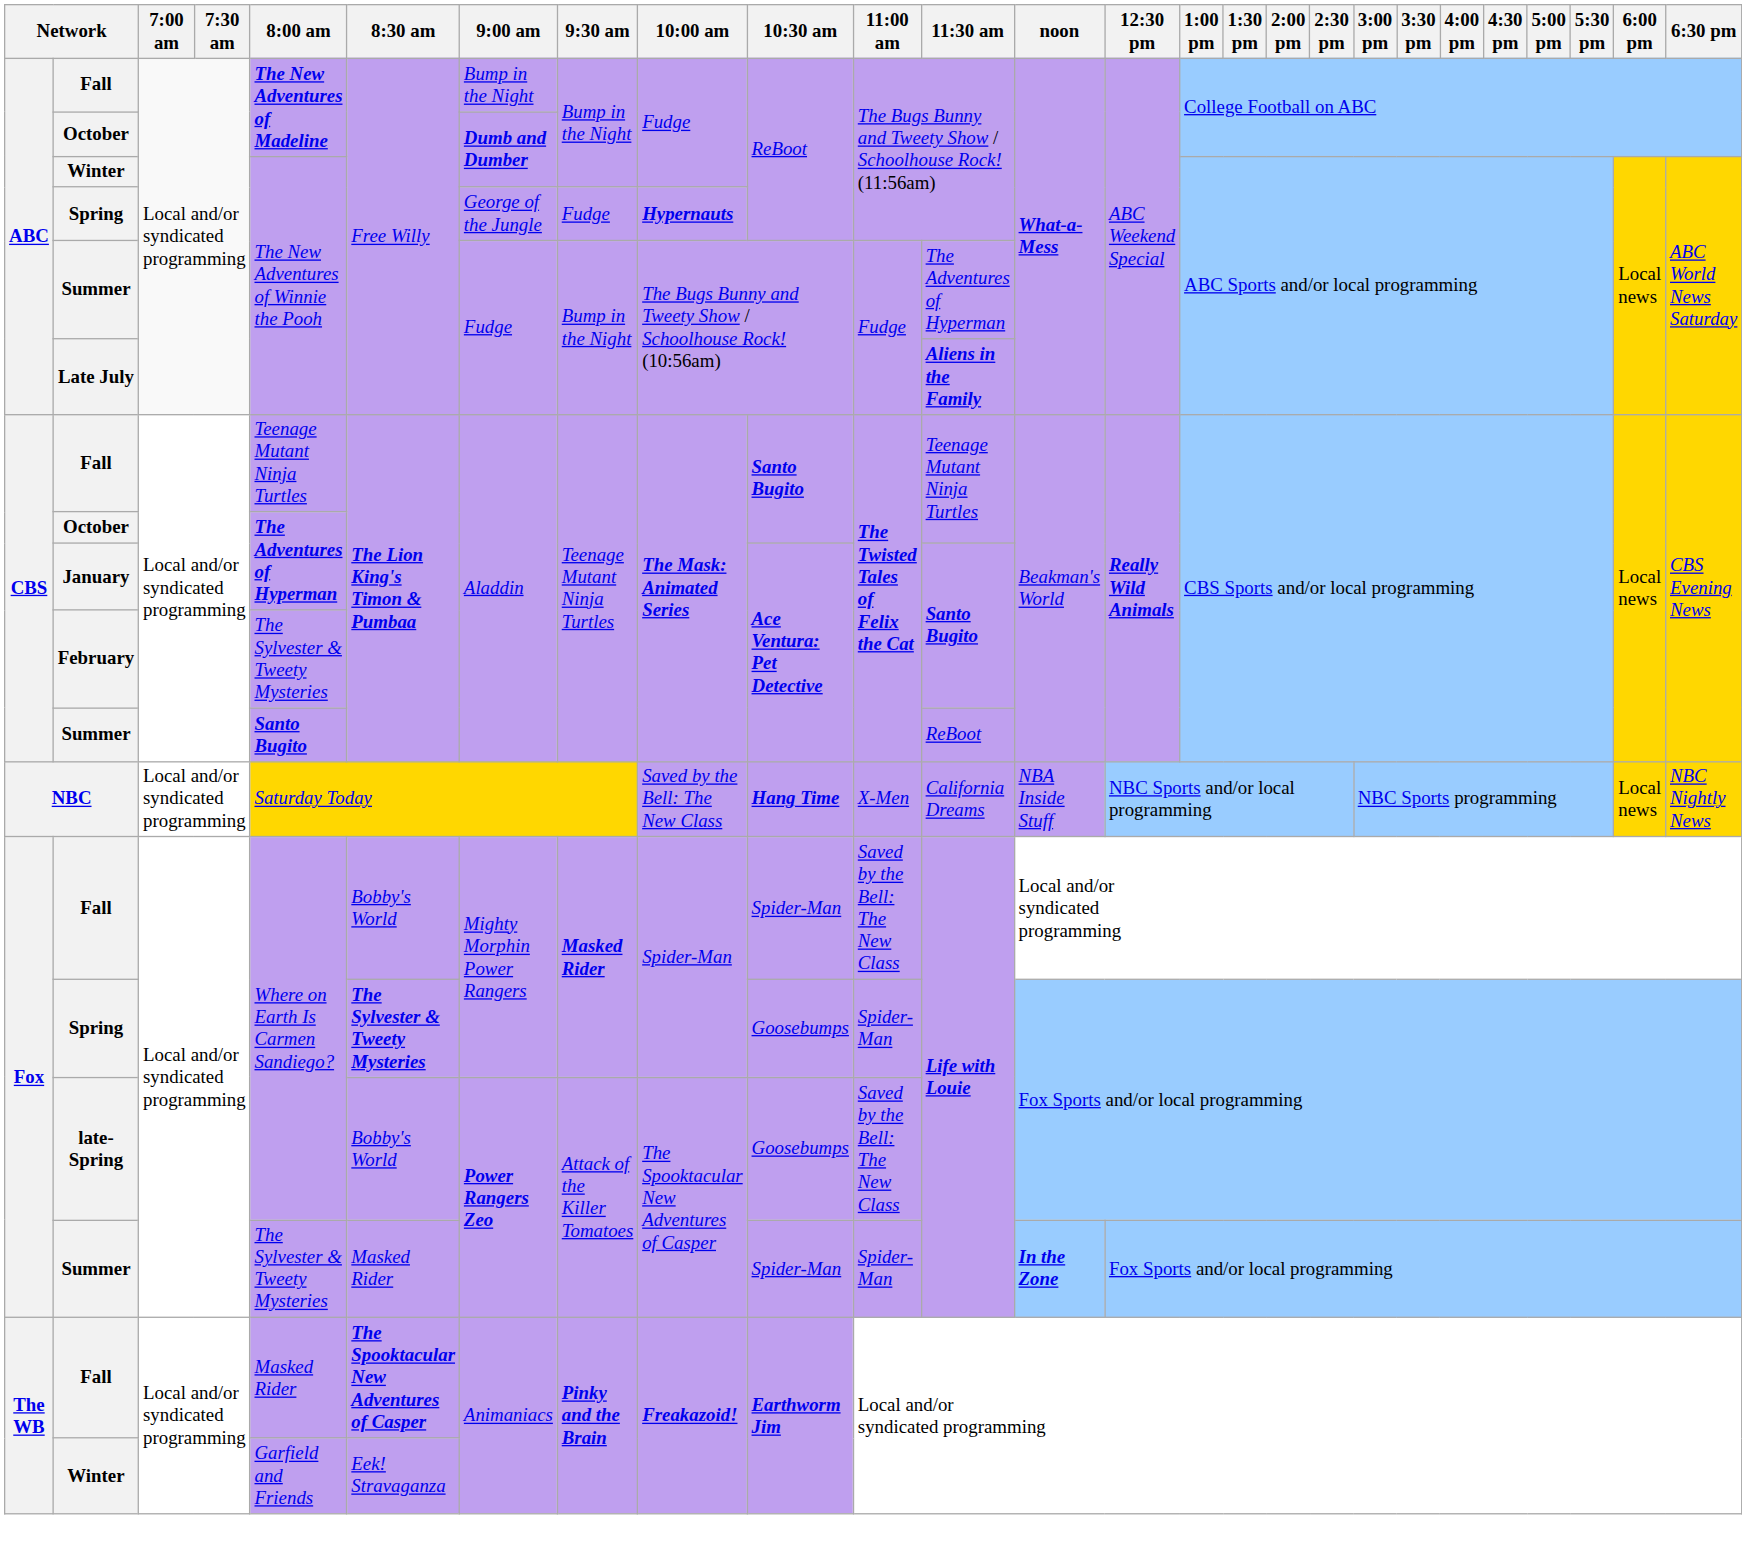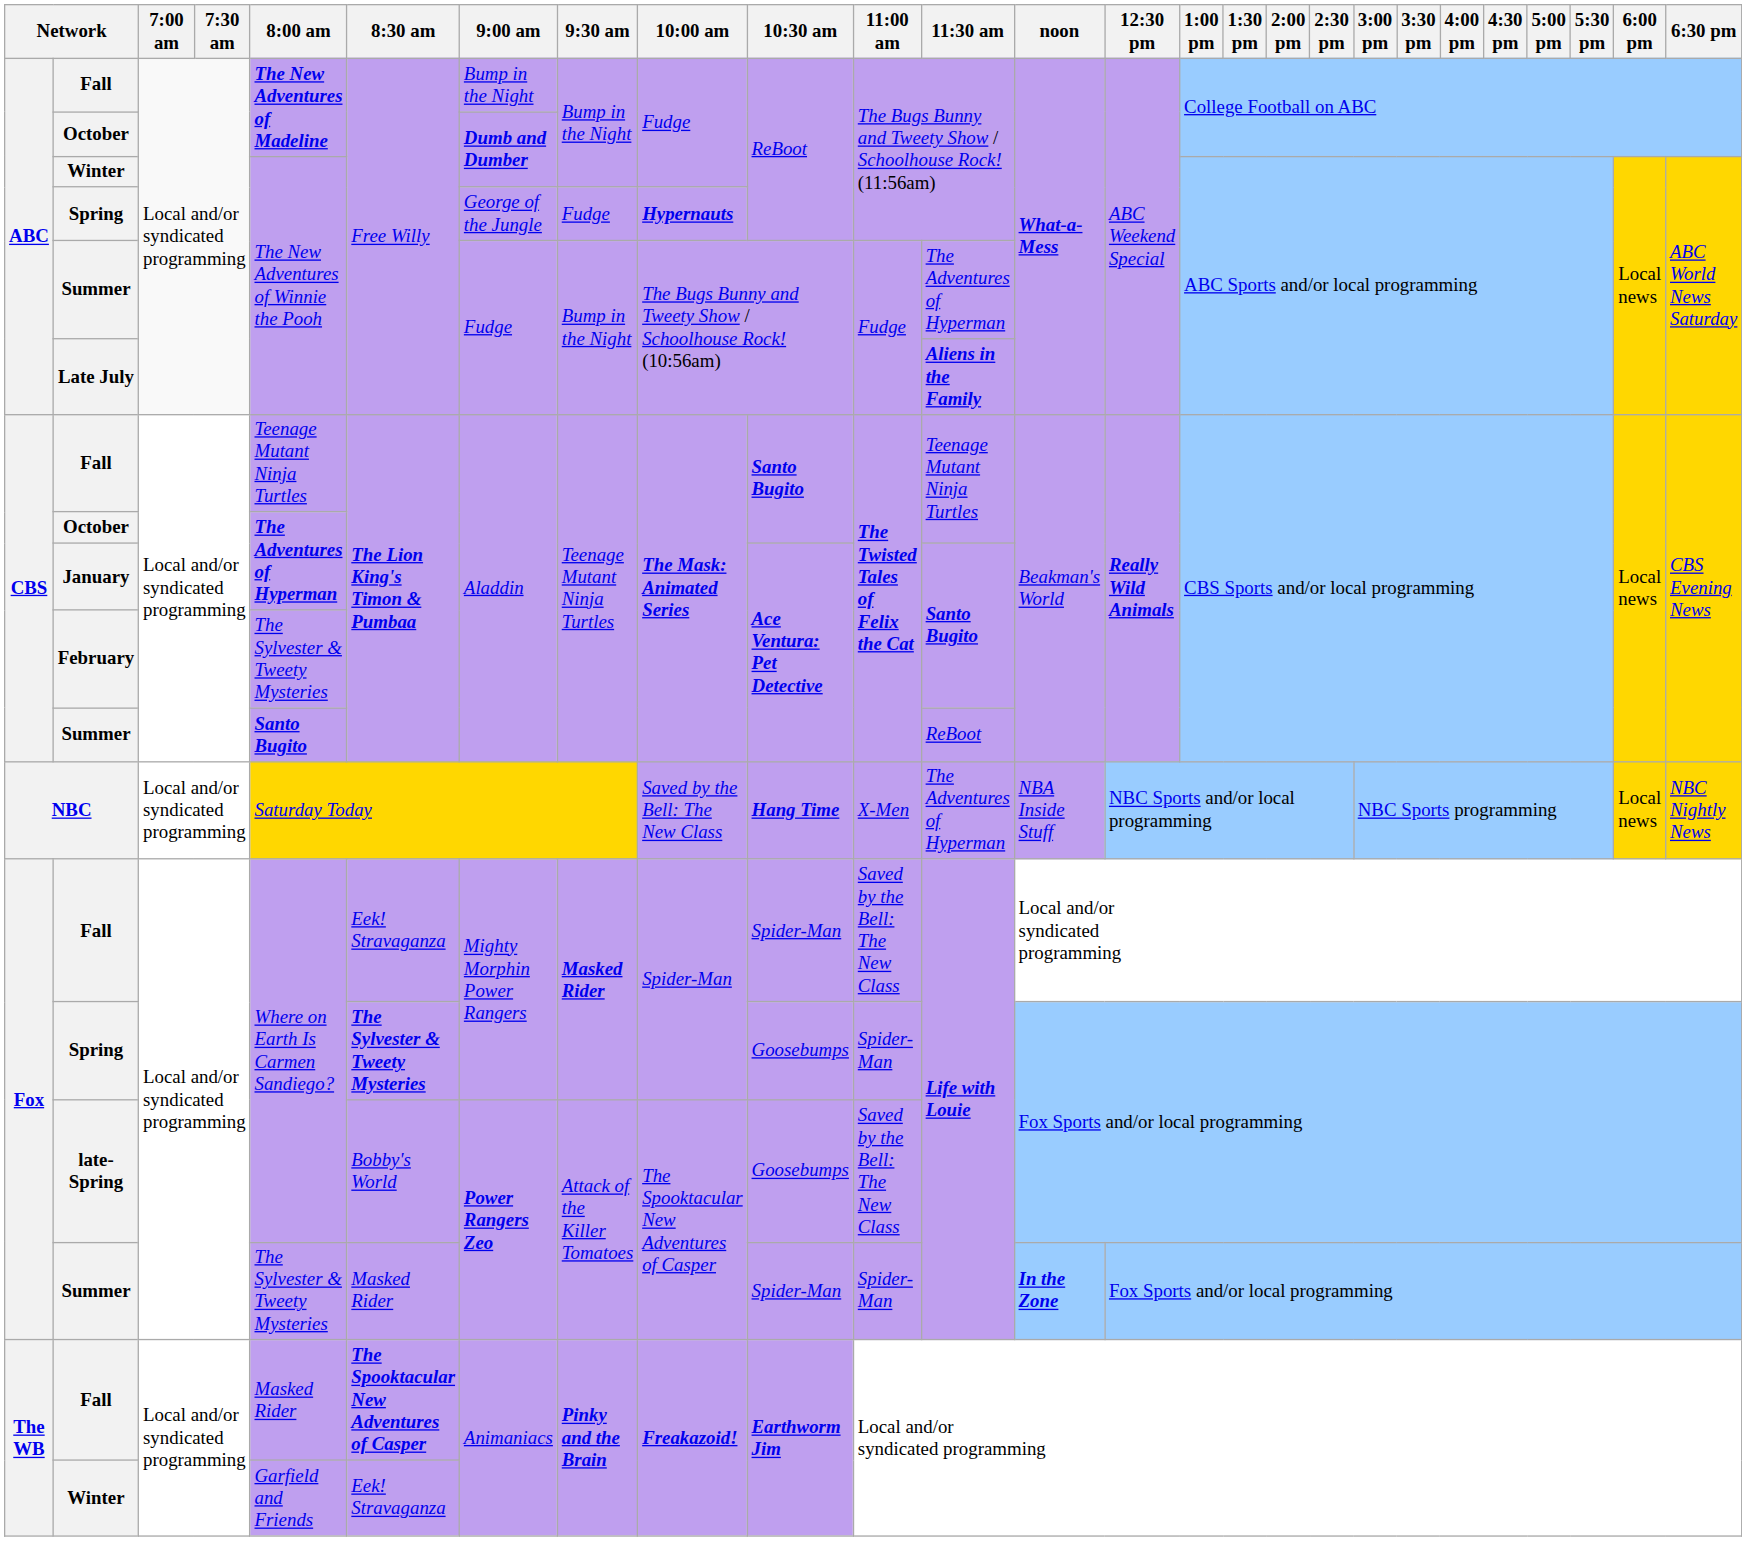 <table class=wikitable style="font-size:90%">
 <tr>
 <th width="1.5%" bgcolor="#C0C0C0" colspan="2">Network</th>
 <th width="4%" bgcolor="#C0C0C0">7:00 am</th>
 <th width="4%" bgcolor="#C0C0C0">7:30 am</th>
 <th width="4%" bgcolor="#C0C0C0">8:00 am</th>
 <th width="4%" bgcolor="#C0C0C0">8:30 am</th>
 <th width="4%" bgcolor="#C0C0C0">9:00 am</th>
 <th width="4%" bgcolor="#C0C0C0">9:30 am</th>
 <th width="4%" bgcolor="#C0C0C0">10:00 am</th>
 <th width="4%" bgcolor="#C0C0C0">10:30 am</th>
 <th width="4%" bgcolor="#C0C0C0">11:00 am</th>
 <th width="4%" bgcolor="#C0C0C0">11:30 am</th>
 <th width="4%" bgcolor="#C0C0C0">noon</th>
 <th width="4%" bgcolor="#C0C0C0">12:30 pm</th>
 <th width="4%" bgcolor="#C0C0C0">1:00 pm</th>
 <th width="4%" bgcolor="#C0C0C0">1:30 pm</th>
 <th width="4%" bgcolor="#C0C0C0">2:00 pm</th>
 <th width="4%" bgcolor="#C0C0C0">2:30 pm</th>
 <th width="4%" bgcolor="#C0C0C0">3:00 pm</th>
 <th width="4%" bgcolor="#C0C0C0">3:30 pm</th>
 <th width="4%" bgcolor="#C0C0C0">4:00 pm</th>
 <th width="4%" bgcolor="#C0C0C0">4:30 pm</th>
 <th width="4%" bgcolor="#C0C0C0">5:00 pm</th>
 <th width="4%" bgcolor="#C0C0C0">5:30 pm</th>
 <th width="4%" bgcolor="#C0C0C0">6:00 pm</th>
 <th width="4%" bgcolor="#C0C0C0">6:30 pm</th>
 </tr>
 <tr>
 <th rowspan="6"><a href='#'>ABC</a></th>
 <th>Fall</th>
 <td colspan="2" rowspan="6">Local and/or<br>syndicated<br>programming</td>
 <td rowspan="2" bgcolor="bf9fef"><strong><em><a href='#'>The New Adventures of Madeline</a></em></strong></td>
 <td rowspan="6" bgcolor="bf9fef"><em><a href='#'>Free Willy</a></em></td>
 <td rowspan="1" bgcolor="bf9fef"><em><a href='#'>Bump in the Night</a></em></td>
 <td rowspan="3" bgcolor="bf9fef"><em><a href='#'>Bump in the Night</a></em></td>
 <td rowspan="3" bgcolor="bf9fef"><em><a href='#'>Fudge</a></em></td>
 <td rowspan="4" bgcolor="bf9fef"><em><a href='#'>ReBoot</a></em></td>
 <td colspan="2" rowspan="4" bgcolor="bf9fef"><em><a href='#'>The Bugs Bunny and Tweety Show</a></em> / <em><a href='#'>Schoolhouse Rock!</a></em> (11:56am)</td>
 <td rowspan="6" bgcolor="bf9fef"><strong><em><a href='#'>What-a-Mess</a></em></strong></td>
 <td rowspan="6" bgcolor="bf9fef"><em><a href='#'>ABC Weekend Special</a></em></td>
 <td bgcolor="99ccff" colspan="12" rowspan="2"><a href='#'>College Football on ABC</a></td>
 </tr>
 <tr>
 <th>October</th>
 <td rowspan="2" bgcolor="bf9fef"><strong><em><a href='#'>Dumb and Dumber</a></em></strong></td>
 </tr>
 <tr>
 <th>Winter</th>
 <td bgcolor="bf9fef" rowspan="4"><em><a href='#'>The New Adventures of Winnie the Pooh</a></em> </td>
 <td bgcolor="99ccff" rowspan="4"colspan="10"><a href='#'>ABC Sports</a> and/or local programming</td>
 <td bgcolor="gold" rowspan="4">Local news</td>
 <td bgcolor="gold" rowspan="4"><em><a href='#'>ABC World News Saturday</a></em></td>
 </tr>
 <tr>
 <th>Spring</th>
 <td rowspan="1" bgcolor="bf9fef"><em><a href='#'>George of the Jungle</a></em> </td>
 <td bgcolor="bf9fef" rowspan="1"><em><a href='#'>Fudge</a></em></td>
 <td bgcolor="bf9fef" rowspan="1"><strong><em><a href='#'>Hypernauts</a></em></strong></td>
 </tr>
 <tr>
 <th>Summer</th>
 <td bgcolor="bf9fef" rowspan="2"><em><a href='#'>Fudge</a></em></td>
 <td bgcolor="bf9fef" rowspan="2"><em><a href='#'>Bump in the Night</a></em></td>
 <td bgcolor="bf9fef" colspan="2" rowspan="2"><em><a href='#'>The Bugs Bunny and Tweety Show</a></em> / <em><a href='#'>Schoolhouse Rock!</a></em> (10:56am)</td>
 <td bgcolor="bf9fef" rowspan="2"><em><a href='#'>Fudge</a></em></td>
 <td bgcolor="bf9fef" rowspan="1"><em><a href='#'>The Adventures of Hyperman</a></em></td>
 </tr>
 <tr>
 <th>Late July</th>
 <td bgcolor="bf9fef" rowspan="1"><strong><em><a href='#'>Aliens in the Family</a></em></strong></td>
 </tr>
 <tr>
 <th rowspan="5" bgcolor="#C0C0C0"><a href='#'>CBS</a></th>
 <th>Fall</th>
 <td colspan="2" rowspan="5" bgcolor="white">Local and/or<br>syndicated<br>programming</td>
 <td rowspan="1" bgcolor="bf9fef"><em><a href='#'>Teenage Mutant Ninja Turtles</a></em></td>
 <td rowspan="5" bgcolor="bf9fef"><strong><em><a href='#'>The Lion King's Timon & Pumbaa</a></em></strong></td>
 <td rowspan="5" bgcolor="bf9fef"><em><a href='#'>Aladdin</a></em></td>
 <td rowspan="5" bgcolor="bf9fef"><em><a href='#'>Teenage Mutant Ninja Turtles</a></em></td>
 <td rowspan="5" bgcolor="bf9fef"><strong><em><a href='#'>The Mask: Animated Series</a></em></strong></td>
 <td bgcolor="bf9fef" rowspan="2"><strong><em><a href='#'>Santo Bugito</a></em></strong></td>
 <td rowspan="5" bgcolor="bf9fef"><strong><em><a href='#'>The Twisted Tales of Felix the Cat</a></em></strong></td>
 <td bgcolor="bf9fef" rowspan="2"><em><a href='#'>Teenage Mutant Ninja Turtles</a></em></td>
 <td rowspan="5" bgcolor="bf9fef"><em><a href='#'>Beakman's World</a></em></td>
 <td rowspan="5" bgcolor="bf9fef"><strong><em><a href='#'>Really Wild Animals</a></em></strong></td>
 <td colspan="10" rowspan="5" bgcolor="99ccff"><a href='#'>CBS Sports</a> and/or local programming</td>
 <td rowspan="5" bgcolor="gold">Local news</td>
 <td rowspan="5" bgcolor="gold"><em><a href='#'>CBS Evening News</a></em></td>
 </tr>
 <tr>
 <th>October</th>
 <td rowspan="2" bgcolor="bf9fef"><strong><em><a href='#'>The Adventures of Hyperman</a></em></strong></td>
 </tr>
 <tr>
 <th>January</th>
 <td rowspan="3" bgcolor="bf9fef"><strong><em><a href='#'>Ace Ventura: Pet Detective</a></em></strong></td>
 <td rowspan="2" bgcolor="bf9fef"><strong><em><a href='#'>Santo Bugito</a></em></strong></td>
 </tr>
 <tr>
 <th>February</th>
 <td bgcolor="bf9fef" rowspan="1"><em><a href='#'>The Sylvester & Tweety Mysteries</a></em></td>
 </tr>
 <tr>
 <th>Summer</th>
 <td bgcolor="bf9fef" rowspan="1"><strong><em><a href='#'>Santo Bugito</a></em></strong></td>
 <td bgcolor="bf9fef" rowspan="1"><em><a href='#'>ReBoot</a></em></td>
 </tr>
 <tr>
 <th bgcolor="#C0C0C0" colspan="2"><a href='#'>NBC</a></th>
 <td bgcolor="white" colspan="2">Local and/or<br>syndicated<br>programming</td>
 <td bgcolor="gold" colspan="4"><em><a href='#'>Saturday Today</a></em></td>
 <td bgcolor="bf9fef"><em><a href='#'>Saved by the Bell: The New Class</a></em></td>
 <td bgcolor="bf9fef"><strong><em><a href='#'>Hang Time</a></em></strong></td>
 <td bgcolor="bf9fef" rowspan="1"><em><a href='#'>X-Men</a></em></td>
-<td bgcolor="bf9fef"><em><a href='#'>California Dreams</a></em></td>
+<td bgcolor="bf9fef" rowspan="1"><em><a href='#'>The Adventures of Hyperman</a></em></td>
 <td bgcolor="bf9fef"><em><a href='#'>NBA Inside Stuff</a></em></td>
 <td bgcolor="99ccff" colspan="5"><a href='#'>NBC Sports</a> and/or local programming</td>
 <td bgcolor="99ccff" colspan="6"><a href='#'>NBC Sports</a> programming</td>
 <td bgcolor="gold">Local news</td>
 <td bgcolor="gold"><em><a href='#'>NBC Nightly News</a></em></td>
 </tr>
 <tr>
 <th bgcolor="#C0C0C0" rowspan="4"><a href='#'>Fox</a></th>
 <th>Fall</th>
 <td bgcolor="white" colspan="2" rowspan="4">Local and/or<br>syndicated<br>programming</td>
 <td bgcolor="bf9fef" rowspan="3"><em><a href='#'>Where on Earth Is Carmen Sandiego?</a></em></td>
-<td bgcolor="bf9fef" rowspan="1"><em><a href='#'>Bobby's World</a></em></td>
+<td bgcolor="bf9fef" rowspan="1"><em><a href='#'>Eek! Stravaganza</a></em></td>
 <td bgcolor="bf9fef" rowspan="2"><em><a href='#'>Mighty Morphin Power Rangers</a></em></td>
 <td bgcolor="bf9fef" rowspan="2"><strong><em><a href='#'>Masked Rider</a></em></strong></td>
 <td bgcolor="bf9fef" rowspan="2"><em><a href='#'>Spider-Man</a></em></td>
 <td bgcolor="bf9fef" rowspan="1"><em><a href='#'>Spider-Man</a></em></td>
 <td bgcolor="bf9fef"><em><a href='#'>Saved by the Bell: The New Class</a></em></td>
 <td bgcolor="bf9fef" rowspan="4"><strong><em><a href='#'>Life with Louie</a></em></strong></td>
 <td bgcolor="white" colspan="14" rowspan="1">Local and/or<br>syndicated<br>programming</td>
 </tr>
 <tr>
 <th>Spring</th>
 <td bgcolor="bf9fef" rowspan="1"><strong><em><a href='#'>The Sylvester & Tweety Mysteries</a></em></strong></td>
 <td bgcolor="bf9fef" rowspan="1"><em><a href='#'>Goosebumps</a></em></td>
 <td bgcolor="bf9fef" rowspan="1"><em><a href='#'>Spider-Man</a></em></td>
 <td bgcolor="99ccff" colspan="14" rowspan="2"><a href='#'>Fox Sports</a> and/or local programming</td>
 </tr>
 <tr>
 <th>late-Spring</th>
 <td bgcolor="bf9fef" rowspan="1"><em><a href='#'>Bobby's World</a></em></td>
 <td bgcolor="bf9fef" rowspan="2"><strong><em><a href='#'>Power Rangers Zeo</a></em></strong></td>
 <td bgcolor="bf9fef" rowspan="2"><em><a href='#'>Attack of the Killer Tomatoes</a></em> </td>
 <td bgcolor="bf9fef" rowspan="2"><em><a href='#'>The Spooktacular New Adventures of Casper</a></em></td>
 <td bgcolor="bf9fef" rowspan="1"><em><a href='#'>Goosebumps</a></em></td>
 <td bgcolor="bf9fef"><em><a href='#'>Saved by the Bell: The New Class</a></em></td>
 </tr>
 <tr>
 <th>Summer</th>
 <td bgcolor="bf9fef" rowspan="1"><em><a href='#'>The Sylvester & Tweety Mysteries</a></em></td>
 <td bgcolor="bf9fef" rowspan="1"><em><a href='#'>Masked Rider</a></em></td>
 <td bgcolor="bf9fef" rowspan="1"><em><a href='#'>Spider-Man</a></em></td>
 <td bgcolor="bf9fef" rowspan="1"><em><a href='#'>Spider-Man</a></em></td>
 <td bgcolor="99ccff" rowspan="1"><strong><em><a href='#'>In the Zone</a></em></strong></td>
 <td bgcolor="99ccff" colspan="13" rowspan="1"><a href='#'>Fox Sports</a> and/or local programming</td>
 </tr>
 <tr>
 <th bgcolor="#C0C0C0" rowspan="2"><a href='#'>The WB</a></th>
 <th>Fall</th>
 <td bgcolor="white" colspan="2" rowspan="2">Local and/or<br>syndicated programming</td>
 <td bgcolor="bf9fef" rowspan="1"><em><a href='#'>Masked Rider</a></em></td>
 <td bgcolor="bf9fef" rowspan="1"><strong><em><a href='#'>The Spooktacular New Adventures of Casper</a></em></strong></td>
 <td bgcolor="bf9fef" rowspan="2"><em><a href='#'>Animaniacs</a></em></td>
 <td bgcolor="bf9fef" rowspan="2"><strong><em><a href='#'>Pinky and the Brain</a></em></strong></td>
 <td bgcolor="bf9fef" rowspan="2"><strong><em><a href='#'>Freakazoid!</a></em></strong></td>
 <td bgcolor="bf9fef" rowspan="2"><strong><em><a href='#'>Earthworm Jim</a></em></strong></td>
 <td bgcolor="white" colspan="20" rowspan="2">Local and/or<br>syndicated programming</td>
 </tr>
 <tr>
 <th>Winter</th>
 <td bgcolor="bf9fef" rowspan="1"><em><a href='#'>Garfield and Friends</a></em> </td>
 <td bgcolor="bf9fef" rowspan="1"><em><a href='#'>Eek! Stravaganza</a></em></td>
 </tr>
 </table>
